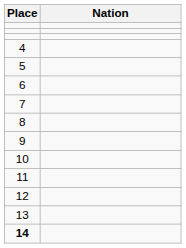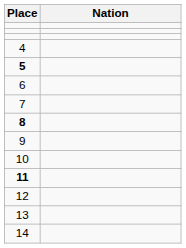 <table class=wikitable style=text-align:center>
 <tr>
 <th width=35>Place</th>
 <th width=185>Nation</th>
 </tr>
 <tr>
 <td></td>
 <td style=text-align:left></td>
 </tr>
 <tr>
 <td></td>
 <td style=text-align:left></td>
 </tr>
 <tr>
 <td></td>
 <td style=text-align:left></td>
 </tr>
 <tr>
 <td>4</td>
 <td style=text-align:left></td>
 </tr>
 <tr>
-<td>5</td>
+<td><strong>5</strong></td>
 <td style=text-align:left></td>
 </tr>
 <tr>
 <td>6</td>
 <td style=text-align:left></td>
 </tr>
 <tr>
 <td>7</td>
 <td style=text-align:left></td>
 </tr>
 <tr>
-<td>8</td>
+<td><strong>8</strong></td>
 <td style=text-align:left></td>
 </tr>
 <tr>
 <td>9</td>
 <td style=text-align:left></td>
 </tr>
 <tr>
 <td>10</td>
 <td style=text-align:left></td>
 </tr>
 <tr>
-<td>11</td>
+<td><strong>11</strong></td>
 <td style=text-align:left></td>
 </tr>
 <tr>
 <td>12</td>
 <td style=text-align:left></td>
 </tr>
 <tr>
 <td>13</td>
 <td style=text-align:left></td>
 </tr>
 <tr>
-<td><strong>14</strong></td>
+<td>14</td>
 <td style=text-align:left></td>
 </tr>
 </table>
